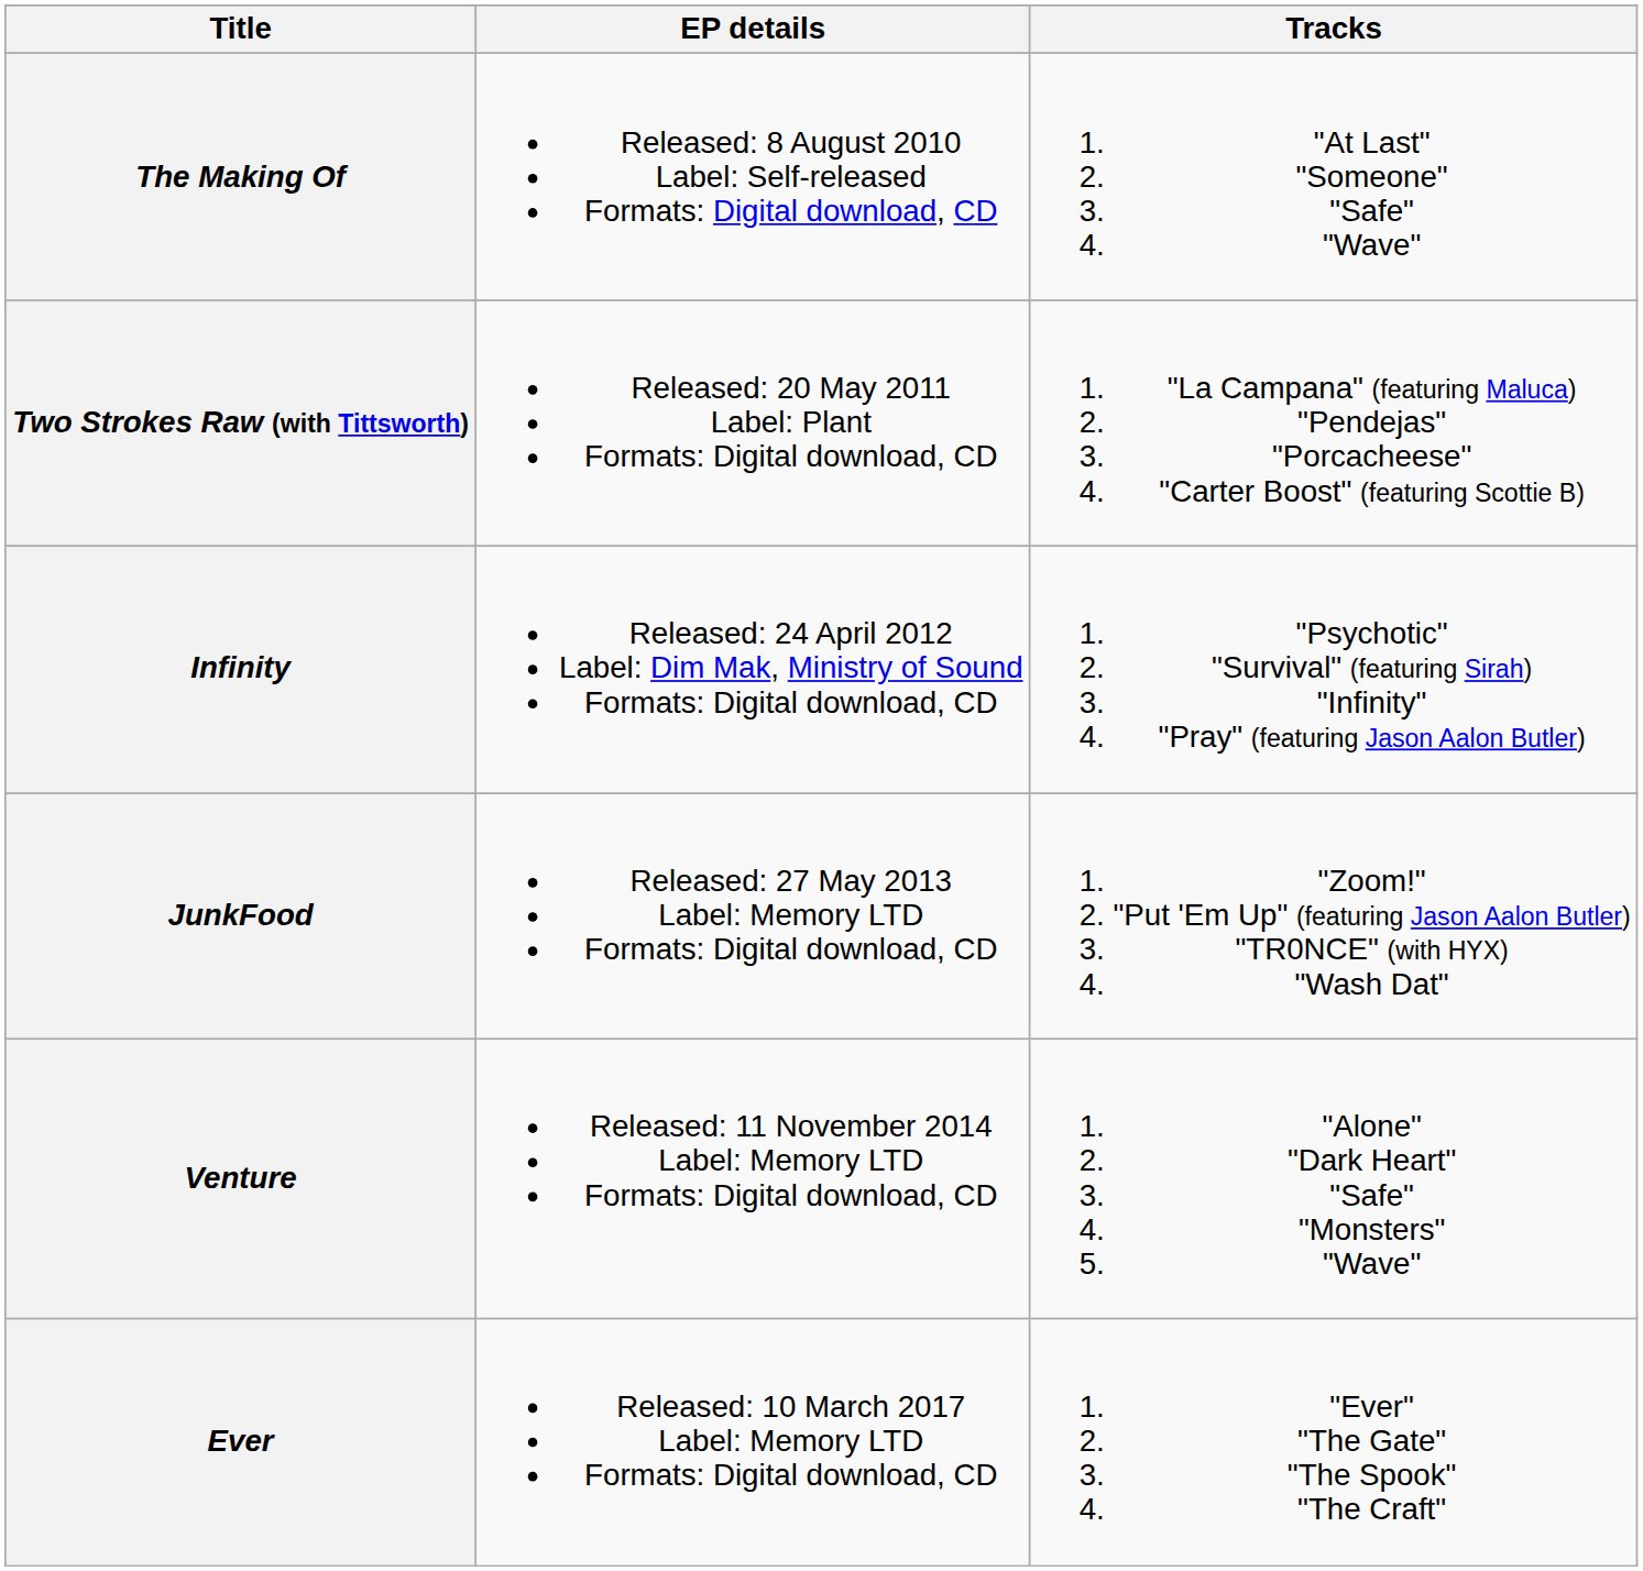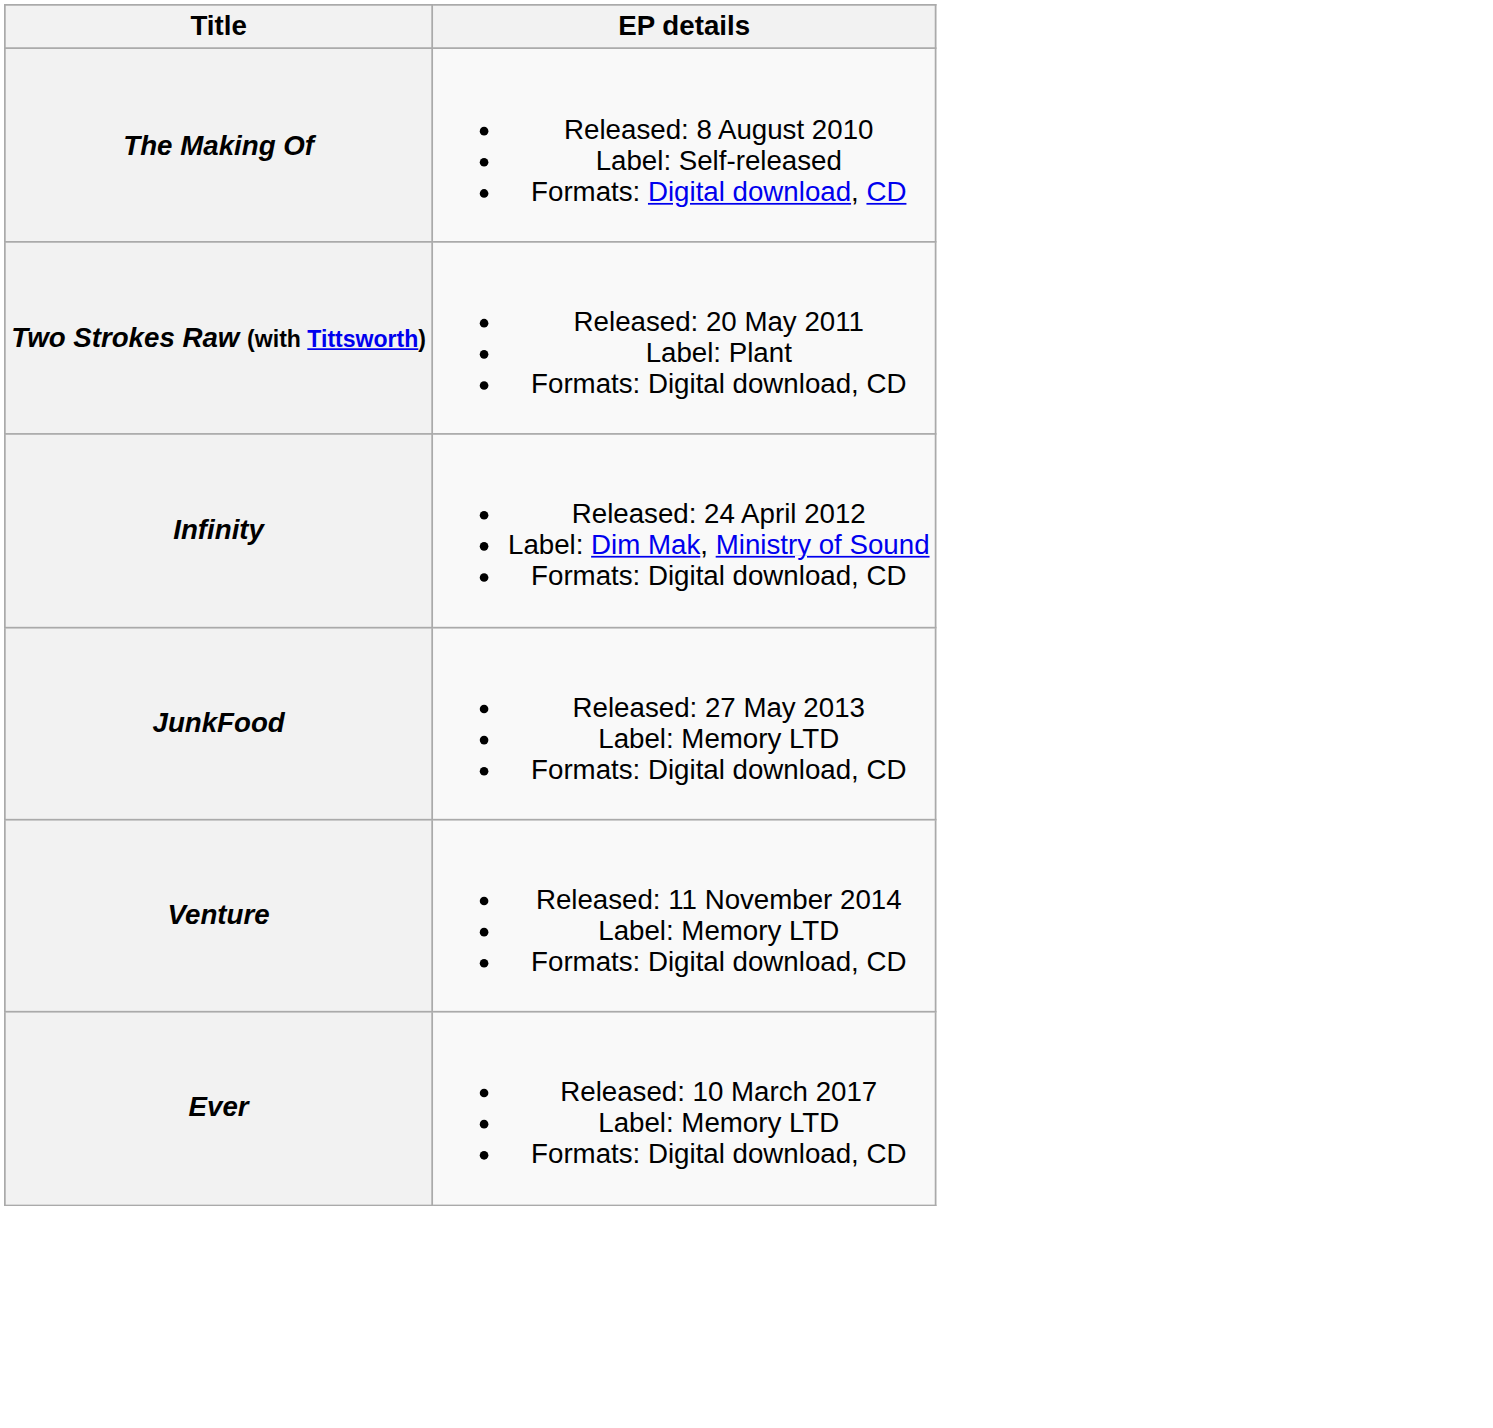 <table class="wikitable plainrowheaders" style="text-align:center;">
 <tr>
 <th scope="col">Title</th>
 <th scope="col">EP details</th>
-<th scope="col">Tracks</th>
 </tr>
 <tr>
 <th scope="row"><em>The Making Of</em></th>
 <td valign="top"><br><ul><li>Released: 8 August 2010</li><li>Label: Self-released</li><li>Formats: <a href='#'>Digital download</a>, <a href='#'>CD</a></li></ul></td>
-<td valign="top"><br><ol><li>"At Last"</li><li>"Someone"</li><li>"Safe"</li><li>"Wave"</li></ol></td>
 </tr>
 <tr>
 <th scope="row"><em>Two Strokes Raw</em> <small>(with <a href='#'>Tittsworth</a>)</small></th>
 <td valign="top"><br><ul><li>Released: 20 May 2011</li><li>Label: Plant</li><li>Formats: Digital download, CD</li></ul></td>
-<td valign="top"><br><ol><li>"La Campana" <small>(featuring <a href='#'>Maluca</a>)</small></li><li>"Pendejas"</li><li>"Porcacheese"</li><li>"Carter Boost" <small>(featuring Scottie B)</small></li></ol></td>
 </tr>
 <tr>
 <th scope="row"><em>Infinity</em></th>
 <td valign="top"><br><ul><li>Released: 24 April 2012</li><li>Label: <a href='#'>Dim Mak</a>, <a href='#'>Ministry of Sound</a></li><li>Formats: Digital download, CD</li></ul></td>
-<td valign="top"><br><ol><li>"Psychotic"</li><li>"Survival" <small>(featuring <a href='#'>Sirah</a>)</small></li><li>"Infinity"</li><li>"Pray" <small>(featuring <a href='#'>Jason Aalon Butler</a>)</small></li></ol></td>
 </tr>
 <tr>
 <th scope="row"><em>JunkFood</em></th>
 <td valign="top"><br><ul><li>Released: 27 May 2013</li><li>Label: Memory LTD</li><li>Formats: Digital download, CD</li></ul></td>
-<td valign="top"><br><ol><li>"Zoom!"</li><li>"Put 'Em Up" <small>(featuring <a href='#'>Jason Aalon Butler</a>)</small></li><li>"TR0NCE" <small>(with HYX)</small></li><li>"Wash Dat"</li></ol></td>
 </tr>
 <tr>
 <th scope="row"><em>Venture</em></th>
 <td valign="top"><br><ul><li>Released: 11 November 2014</li><li>Label: Memory LTD</li><li>Formats: Digital download, CD</li></ul></td>
-<td valign="top"><br><ol><li>"Alone"</li><li>"Dark Heart"</li><li>"Safe"</li><li>"Monsters"</li><li>"Wave"</li></ol></td>
 </tr>
 <tr>
 <th scope="row"><em>Ever</em></th>
 <td valign="top"><br><ul><li>Released: 10 March 2017</li><li>Label: Memory LTD</li><li>Formats: Digital download, CD</li></ul></td>
-<td valign="top"><br><ol><li>"Ever"</li><li>"The Gate"</li><li>"The Spook"</li><li>"The Craft"</li></ol></td>
 </tr>
 </table>
